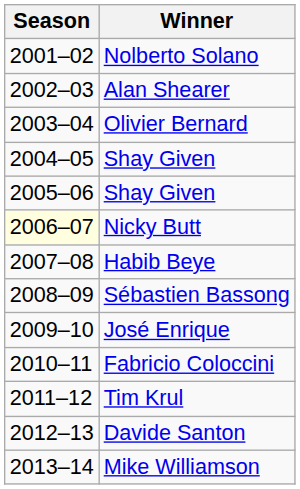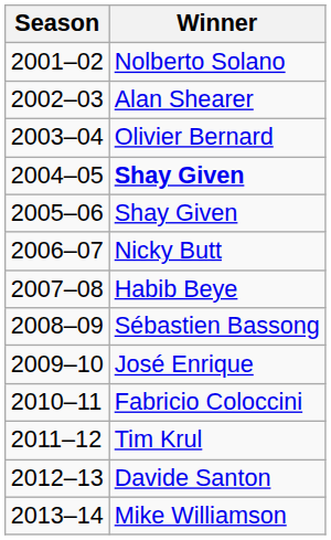 <table class="wikitable">
 <tr>
 <th>Season</th>
 <th>Winner</th>
 </tr>
 <tr>
 <td>2001–02</td>
 <td><a href='#'>Nolberto Solano</a></td>
 </tr>
 <tr>
 <td>2002–03</td>
 <td><a href='#'>Alan Shearer</a></td>
 </tr>
 <tr>
 <td>2003–04</td>
 <td><a href='#'>Olivier Bernard</a></td>
 </tr>
 <tr>
 <td>2004–05</td>
-<td><a href='#'>Shay Given</a></td>
+<td><strong><a href='#'>Shay Given</a></strong></td>
 </tr>
 <tr>
 <td>2005–06</td>
 <td><a href='#'>Shay Given</a></td>
 </tr>
 <tr>
-<td style="background: lightyellow;">2006–07</td>
+<td>2006–07</td>
 <td><a href='#'>Nicky Butt</a></td>
 </tr>
 <tr>
 <td>2007–08</td>
 <td><a href='#'>Habib Beye</a></td>
 </tr>
 <tr>
 <td>2008–09</td>
 <td><a href='#'>Sébastien Bassong</a></td>
 </tr>
 <tr>
 <td>2009–10</td>
 <td><a href='#'>José Enrique</a></td>
 </tr>
 <tr>
 <td>2010–11</td>
 <td><a href='#'>Fabricio Coloccini</a></td>
 </tr>
 <tr>
 <td>2011–12</td>
 <td><a href='#'>Tim Krul</a></td>
 </tr>
 <tr>
 <td>2012–13</td>
 <td><a href='#'>Davide Santon</a></td>
 </tr>
 <tr>
 <td>2013–14</td>
 <td><a href='#'>Mike Williamson</a></td>
 </tr>
 </table>
